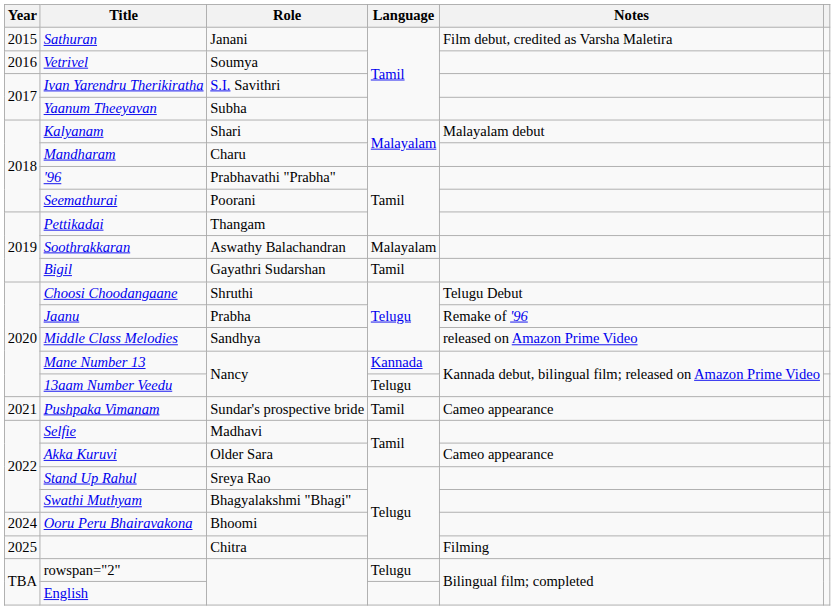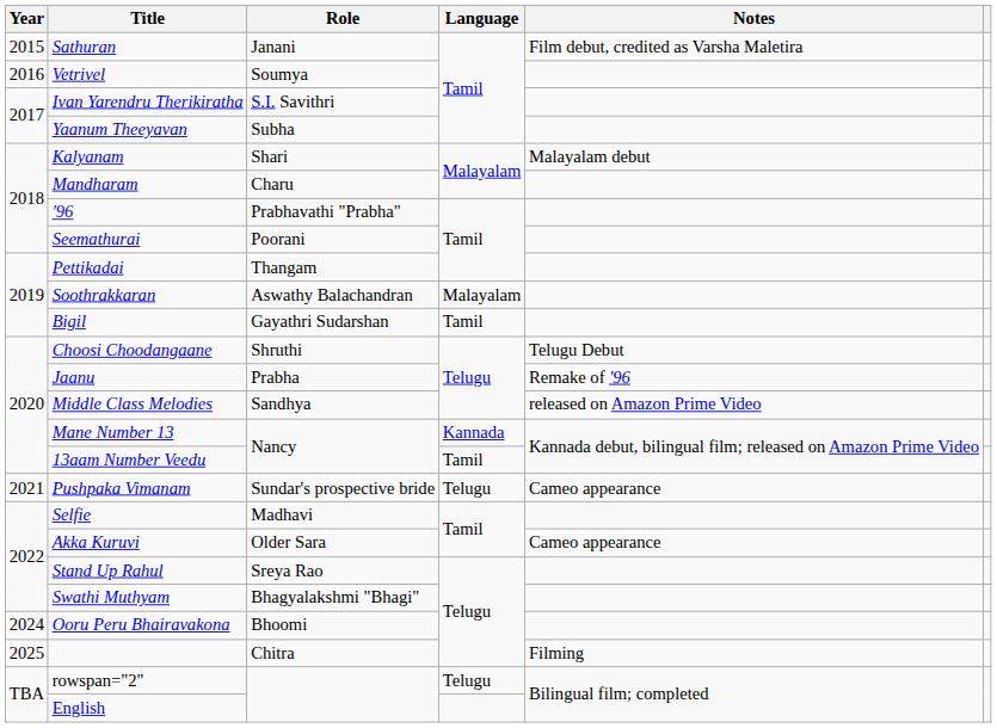 <table class="wikitable sortable">
 <tr>
 <th scope="col">Year</th>
 <th scope="col">Title</th>
 <th scope="col">Role</th>
 <th scope="col">Language</th>
 <th scope="col" class="unsortable">Notes</th>
 <th scope="col" class="unsortable"></th>
 </tr>
 <tr>
 <td>2015</td>
 <td><em><a href='#'>Sathuran</a></em></td>
 <td>Janani</td>
 <td rowspan ="4"><a href='#'>Tamil</a></td>
 <td>Film debut, credited as Varsha Maletira</td>
 <td></td>
 </tr>
 <tr>
 <td>2016</td>
 <td><em><a href='#'>Vetrivel</a></em></td>
 <td>Soumya</td>
 <td></td>
 <td></td>
 </tr>
 <tr>
 <td rowspan="2">2017</td>
 <td><em><a href='#'>Ivan Yarendru Therikiratha</a></em></td>
 <td><a href='#'>S.I.</a> Savithri</td>
 <td></td>
 <td></td>
 </tr>
 <tr>
 <td><em><a href='#'>Yaanum Theeyavan</a></em></td>
 <td>Subha</td>
 <td></td>
 <td></td>
 </tr>
 <tr>
 <td rowspan="4">2018</td>
 <td><em><a href='#'>Kalyanam</a></em></td>
 <td>Shari</td>
 <td rowspan="2"><a href='#'>Malayalam</a></td>
 <td>Malayalam debut</td>
 <td></td>
 </tr>
 <tr>
 <td><em><a href='#'>Mandharam</a></em></td>
 <td>Charu</td>
 <td></td>
 <td></td>
 </tr>
 <tr>
 <td><em><a href='#'>'96</a></em></td>
 <td>Prabhavathi "Prabha"</td>
 <td rowspan ="3">Tamil</td>
 <td></td>
 <td></td>
 </tr>
 <tr>
 <td><em><a href='#'>Seemathurai</a></em></td>
 <td>Poorani</td>
 <td></td>
 <td></td>
 </tr>
 <tr>
 <td rowspan="3">2019</td>
 <td><em><a href='#'>Pettikadai</a></em></td>
 <td>Thangam</td>
 <td></td>
 <td></td>
 </tr>
 <tr>
 <td><em><a href='#'>Soothrakkaran</a></em></td>
 <td>Aswathy Balachandran</td>
 <td>Malayalam</td>
 <td></td>
 <td></td>
 </tr>
 <tr>
 <td><em><a href='#'>Bigil</a></em></td>
 <td>Gayathri Sudarshan</td>
 <td>Tamil</td>
 <td></td>
 <td></td>
 </tr>
 <tr>
 <td rowspan="5">2020</td>
 <td><em><a href='#'>Choosi Choodangaane</a></em></td>
 <td>Shruthi</td>
 <td rowspan ="3"><a href='#'>Telugu</a></td>
 <td>Telugu Debut</td>
 <td></td>
 </tr>
 <tr>
 <td><em><a href='#'>Jaanu</a></em></td>
 <td>Prabha</td>
 <td>Remake of <em><a href='#'>'96</a></em></td>
 <td></td>
 </tr>
 <tr>
 <td><em><a href='#'>Middle Class Melodies</a></em></td>
 <td>Sandhya</td>
 <td>released on <a href='#'>Amazon Prime Video</a></td>
 <td></td>
 </tr>
 <tr>
 <td><em><a href='#'>Mane Number 13</a></em></td>
 <td rowspan="2">Nancy</td>
 <td><a href='#'>Kannada</a></td>
 <td rowspan="2">Kannada debut, bilingual film; released on <a href='#'>Amazon Prime Video</a></td>
 <td></td>
 </tr>
 <tr>
 <td><em><a href='#'>13aam Number Veedu</a></em></td>
-<td>Telugu</td>
+<td>Tamil</td>
 <td></td>
 </tr>
 <tr>
 <td>2021</td>
 <td><em><a href='#'>Pushpaka Vimanam</a></em></td>
 <td>Sundar's prospective bride</td>
-<td>Tamil</td>
+<td>Telugu</td>
 <td>Cameo appearance</td>
 <td></td>
 </tr>
 <tr>
 <td rowspan="4">2022</td>
 <td><em><a href='#'>Selfie</a></em></td>
 <td>Madhavi</td>
 <td rowspan="2">Tamil</td>
 <td></td>
 <td></td>
 </tr>
 <tr>
 <td><em><a href='#'>Akka Kuruvi</a></em></td>
 <td>Older Sara</td>
 <td>Cameo appearance</td>
 <td></td>
 </tr>
 <tr>
 <td><em><a href='#'>Stand Up Rahul</a></em></td>
 <td>Sreya Rao</td>
 <td rowspan="4">Telugu</td>
 <td></td>
 <td></td>
 </tr>
 <tr>
 <td><em><a href='#'>Swathi Muthyam</a></em></td>
 <td>Bhagyalakshmi "Bhagi"</td>
 <td></td>
 <td></td>
 </tr>
 <tr>
 <td>2024</td>
 <td><em><a href='#'>Ooru Peru Bhairavakona</a></em></td>
 <td>Bhoomi</td>
 <td></td>
 <td></td>
 </tr>
 <tr>
 <td>2025</td>
 <td></td>
 <td>Chitra</td>
 <td>Filming</td>
 </tr>
 <tr>
 <td rowspan="2">TBA</td>
 <td>rowspan="2" </td>
 <td rowspan="2"></td>
 <td>Telugu</td>
 <td rowspan="2">Bilingual film; completed</td>
 <td rowspan="2"></td>
 </tr>
 <tr>
 <td><a href='#'>English</a></td>
 </tr>
 </table>
